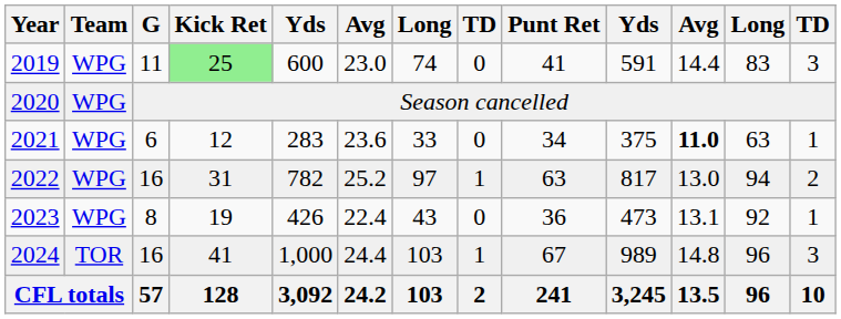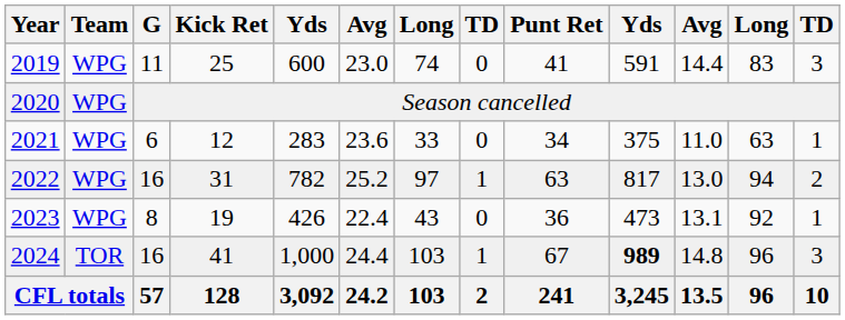 <table class="wikitable">
 <tr>
 <th>Year</th>
 <th>Team</th>
 <th>G</th>
 <th>Kick Ret</th>
 <th>Yds</th>
 <th>Avg</th>
 <th>Long</th>
 <th>TD</th>
 <th>Punt Ret</th>
 <th>Yds</th>
 <th>Avg</th>
 <th>Long</th>
 <th>TD</th>
 </tr>
 <tr align="center">
 <td><a href='#'>2019</a></td>
 <td><a href='#'>WPG</a></td>
 <td>11</td>
-<td style="background: lightgreen;">25</td>
+<td>25</td>
 <td>600</td>
 <td>23.0</td>
 <td>74</td>
 <td>0</td>
 <td>41</td>
 <td>591</td>
 <td>14.4</td>
 <td>83</td>
 <td>3</td>
 </tr>
 <tr ALIGN="center" bgcolor="#f0f0f0">
 <td><a href='#'>2020</a></td>
 <td><a href='#'>WPG</a></td>
 <td colspan="11"><em>Season cancelled</em></td>
 </tr>
 <tr align="center">
 <td><a href='#'>2021</a></td>
 <td><a href='#'>WPG</a></td>
 <td>6</td>
 <td>12</td>
 <td>283</td>
 <td>23.6</td>
 <td>33</td>
 <td>0</td>
 <td>34</td>
 <td>375</td>
-<td><strong>11.0</strong></td>
+<td>11.0</td>
 <td>63</td>
 <td>1</td>
 </tr>
 <tr ALIGN="center" bgcolor="#f0f0f0">
 <td><a href='#'>2022</a></td>
 <td><a href='#'>WPG</a></td>
 <td>16</td>
 <td>31</td>
 <td>782</td>
 <td>25.2</td>
 <td>97</td>
 <td>1</td>
 <td>63</td>
 <td>817</td>
 <td>13.0</td>
 <td>94</td>
 <td>2</td>
 </tr>
 <tr align="center">
 <td><a href='#'>2023</a></td>
 <td><a href='#'>WPG</a></td>
 <td>8</td>
 <td>19</td>
 <td>426</td>
 <td>22.4</td>
 <td>43</td>
 <td>0</td>
 <td>36</td>
 <td>473</td>
 <td>13.1</td>
 <td>92</td>
 <td>1</td>
 </tr>
 <tr ALIGN="center" bgcolor="#f0f0f0">
 <td><a href='#'>2024</a></td>
 <td><a href='#'>TOR</a></td>
 <td>16</td>
 <td>41</td>
 <td>1,000</td>
 <td>24.4</td>
 <td>103</td>
 <td>1</td>
 <td>67</td>
-<td>989</td>
+<td><strong>989</strong></td>
 <td>14.8</td>
 <td>96</td>
 <td>3</td>
 </tr>
 <tr>
 <th colspan="2"><a href='#'>CFL totals</a></th>
 <th>57</th>
 <th>128</th>
 <th>3,092</th>
 <th>24.2</th>
 <th>103</th>
 <th>2</th>
 <th>241</th>
 <th>3,245</th>
 <th>13.5</th>
 <th>96</th>
 <th>10</th>
 </tr>
 </table>
